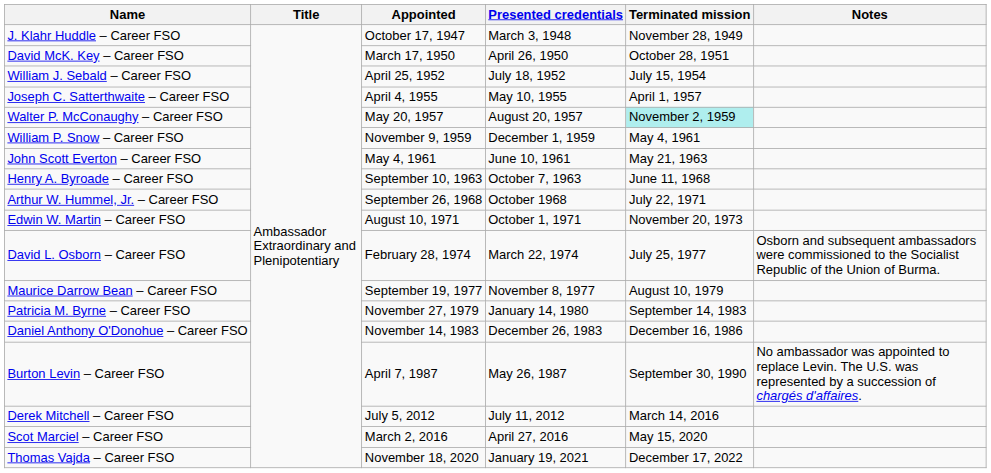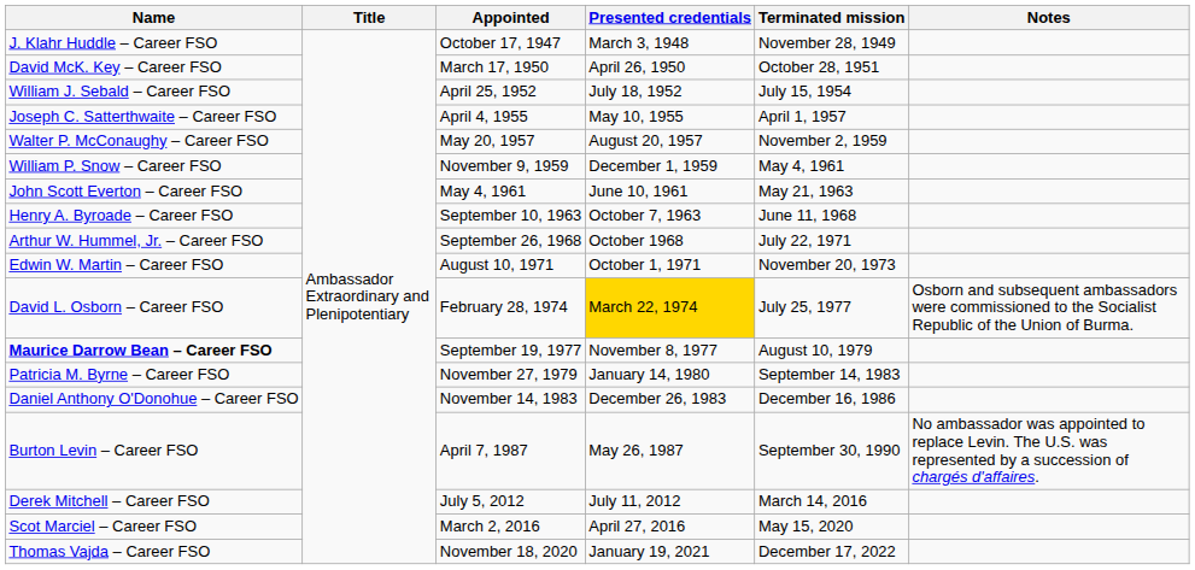 <table class="wikitable">
 <tr>
 <th>Name</th>
 <th style="width: 130px;">Title</th>
 <th>Appointed</th>
 <th><a href='#'>Presented credentials</a></th>
 <th>Terminated mission</th>
 <th style="width: 280px;">Notes</th>
 </tr>
 <tr>
 <td><a href='#'>J. Klahr Huddle</a> – Career FSO</td>
 <td rowspan="18">Ambassador Extraordinary and Plenipotentiary</td>
 <td>October 17, 1947</td>
 <td>March 3, 1948</td>
 <td>November 28, 1949</td>
 <td></td>
 </tr>
 <tr>
 <td><a href='#'>David McK. Key</a> – Career FSO</td>
 <td>March 17, 1950</td>
 <td>April 26, 1950</td>
 <td>October 28, 1951</td>
 <td></td>
 </tr>
 <tr>
 <td><a href='#'>William J. Sebald</a> – Career FSO</td>
 <td>April 25, 1952</td>
 <td>July 18, 1952</td>
 <td>July 15, 1954</td>
 <td></td>
 </tr>
 <tr>
 <td><a href='#'>Joseph C. Satterthwaite</a> – Career FSO</td>
 <td>April 4, 1955</td>
 <td>May 10, 1955</td>
 <td>April 1, 1957</td>
 <td></td>
 </tr>
 <tr>
 <td><a href='#'>Walter P. McConaughy</a> – Career FSO</td>
 <td>May 20, 1957</td>
 <td>August 20, 1957</td>
-<td style="background: paleturquoise;">November 2, 1959</td>
+<td>November 2, 1959</td>
 <td></td>
 </tr>
 <tr>
 <td><a href='#'>William P. Snow</a> – Career FSO</td>
 <td>November 9, 1959</td>
 <td>December 1, 1959</td>
 <td>May 4, 1961</td>
 <td></td>
 </tr>
 <tr>
 <td><a href='#'>John Scott Everton</a> – Career FSO</td>
 <td>May 4, 1961</td>
 <td>June 10, 1961</td>
 <td>May 21, 1963</td>
 <td></td>
 </tr>
 <tr>
 <td><a href='#'>Henry A. Byroade</a> – Career FSO</td>
 <td>September 10, 1963</td>
 <td>October 7, 1963</td>
 <td>June 11, 1968</td>
 <td></td>
 </tr>
 <tr>
 <td><a href='#'>Arthur W. Hummel, Jr.</a> – Career FSO</td>
 <td>September 26, 1968</td>
 <td>October 1968</td>
 <td>July 22, 1971</td>
 <td></td>
 </tr>
 <tr>
 <td><a href='#'>Edwin W. Martin</a> – Career FSO</td>
 <td>August 10, 1971</td>
 <td>October 1, 1971</td>
 <td>November 20, 1973</td>
 <td></td>
 </tr>
 <tr>
 <td><a href='#'>David L. Osborn</a> – Career FSO</td>
 <td>February 28, 1974</td>
-<td>March 22, 1974</td>
+<td style="background: gold;">March 22, 1974</td>
 <td>July 25, 1977</td>
 <td>Osborn and subsequent ambassadors were commissioned to the Socialist Republic of the Union of Burma.</td>
 </tr>
 <tr>
-<td><a href='#'>Maurice Darrow Bean</a> – Career FSO</td>
+<td><strong><a href='#'>Maurice Darrow Bean</a> – Career FSO</strong></td>
 <td>September 19, 1977</td>
 <td>November 8, 1977</td>
 <td>August 10, 1979</td>
 <td></td>
 </tr>
 <tr>
 <td><a href='#'>Patricia M. Byrne</a> – Career FSO</td>
 <td>November 27, 1979</td>
 <td>January 14, 1980</td>
 <td>September 14, 1983</td>
 <td></td>
 </tr>
 <tr>
 <td><a href='#'>Daniel Anthony O'Donohue</a> – Career FSO</td>
 <td>November 14, 1983</td>
 <td>December 26, 1983</td>
 <td>December 16, 1986</td>
 <td></td>
 </tr>
 <tr>
 <td><a href='#'>Burton Levin</a> – Career FSO</td>
 <td>April 7, 1987</td>
 <td>May 26, 1987</td>
 <td>September 30, 1990</td>
 <td>No ambassador was appointed to replace Levin. The U.S. was represented by a succession of <em><a href='#'>chargés d'affaires</a></em>.</td>
 </tr>
 <tr>
 <td><a href='#'>Derek Mitchell</a> – Career FSO</td>
 <td>July 5, 2012</td>
 <td>July 11, 2012</td>
 <td>March 14, 2016</td>
 <td></td>
 </tr>
 <tr>
 <td><a href='#'>Scot Marciel</a> – Career FSO</td>
 <td>March 2, 2016</td>
 <td>April 27, 2016</td>
 <td>May 15, 2020</td>
 <td></td>
 </tr>
 <tr>
 <td><a href='#'>Thomas Vajda</a> – Career FSO</td>
 <td>November 18, 2020</td>
 <td>January 19, 2021</td>
 <td>December 17, 2022</td>
 <td></td>
 </tr>
 </table>
